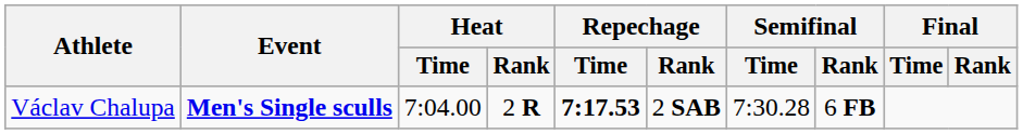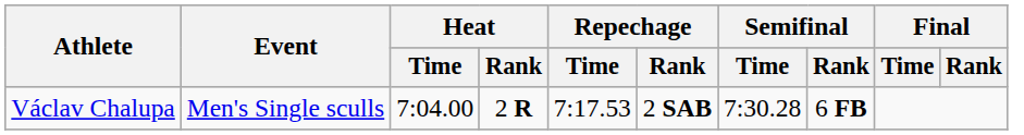 <table class=wikitable style=font-size:90%;text-align:center>
 <tr>
 <th rowspan=2>Athlete</th>
 <th rowspan=2>Event</th>
 <th colspan=2>Heat</th>
 <th colspan=2>Repechage</th>
 <th colspan=2>Semifinal</th>
 <th colspan=2>Final</th>
 </tr>
 <tr style=font-size:95%>
 <th>Time</th>
 <th>Rank</th>
 <th>Time</th>
 <th>Rank</th>
 <th>Time</th>
 <th>Rank</th>
 <th>Time</th>
 <th>Rank</th>
 </tr>
 <tr>
 <td align=left><a href='#'>Václav Chalupa</a></td>
-<td align=left><strong><a href='#'>Men's Single sculls</a></strong></td>
+<td align=left><a href='#'>Men's Single sculls</a></td>
 <td>7:04.00</td>
 <td>2 <strong>R</strong></td>
-<td><strong>7:17.53</strong></td>
+<td>7:17.53</td>
 <td>2 <strong>SAB</strong></td>
 <td>7:30.28</td>
 <td>6 <strong>FB</strong></td>
 <td colspan=2></td>
 </tr>
 </table>
